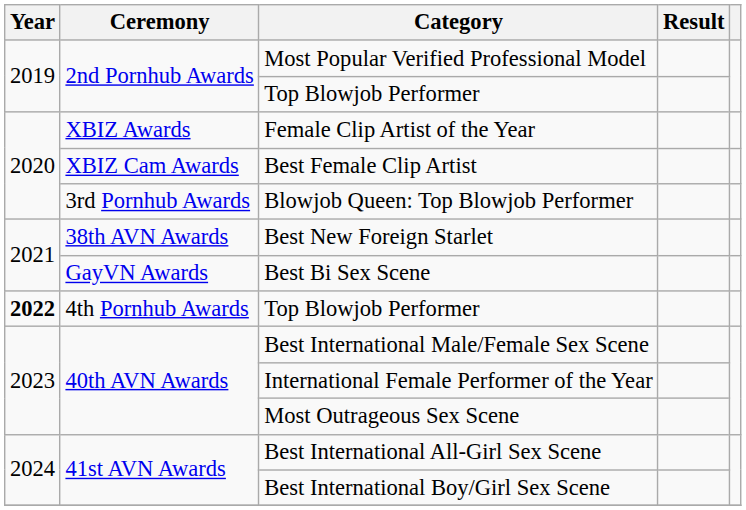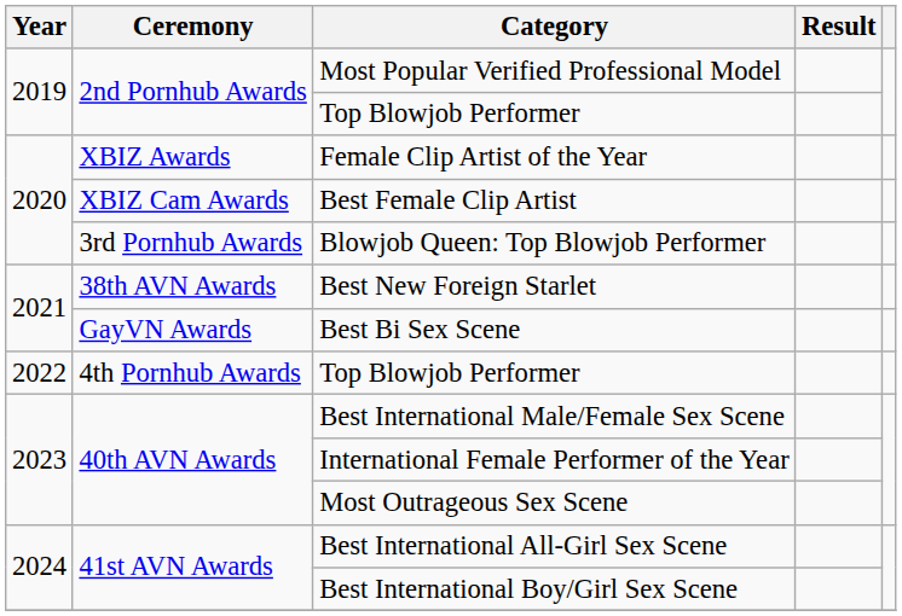 <table class="wikitable sortable">
 <tr>
 <th scope="col">Year</th>
 <th>Ceremony</th>
 <th scope="col">Category</th>
 <th scope="col">Result</th>
 <th scope="col" class="unsortable"></th>
 </tr>
 <tr>
 <td rowspan="2">2019</td>
 <td rowspan="2"><a href='#'>2nd Pornhub Awards</a></td>
 <td>Most Popular Verified Professional Model</td>
 <td></td>
 <td rowspan="2"></td>
 </tr>
 <tr>
 <td>Top Blowjob Performer</td>
 <td></td>
 </tr>
 <tr>
 <td rowspan="3">2020</td>
 <td><a href='#'>XBIZ Awards</a></td>
 <td>Female Clip Artist of the Year</td>
 <td></td>
 <td></td>
 </tr>
 <tr>
 <td><a href='#'>XBIZ Cam Awards</a></td>
 <td>Best Female Clip Artist</td>
 <td></td>
 <td></td>
 </tr>
 <tr>
 <td>3rd <a href='#'>Pornhub Awards</a></td>
 <td>Blowjob Queen: Top Blowjob Performer</td>
 <td></td>
 <td></td>
 </tr>
 <tr>
 <td rowspan="2">2021</td>
 <td><a href='#'>38th AVN Awards</a></td>
 <td>Best New Foreign Starlet</td>
 <td></td>
 <td></td>
 </tr>
 <tr>
 <td><a href='#'>GayVN Awards</a></td>
 <td>Best Bi Sex Scene</td>
 <td></td>
 <td></td>
 </tr>
 <tr>
-<td><strong>2022</strong></td>
+<td>2022</td>
 <td>4th <a href='#'>Pornhub Awards</a></td>
 <td>Top Blowjob Performer</td>
 <td></td>
 <td></td>
 </tr>
 <tr>
 <td rowspan="3">2023</td>
 <td rowspan="3"><a href='#'>40th AVN Awards</a></td>
 <td>Best International Male/Female Sex Scene</td>
 <td></td>
 <td rowspan="3"></td>
 </tr>
 <tr>
 <td>International Female Performer of the Year</td>
 <td></td>
 </tr>
 <tr>
 <td>Most Outrageous Sex Scene</td>
 <td></td>
 </tr>
 <tr>
 <td rowspan="2">2024</td>
 <td rowspan="2"><a href='#'>41st AVN Awards</a></td>
 <td>Best International All-Girl Sex Scene</td>
 <td></td>
 <td rowspan="2"></td>
 </tr>
 <tr>
 <td>Best International Boy/Girl Sex Scene</td>
 <td></td>
 </tr>
 <tr>
 </tr>
 </table>
